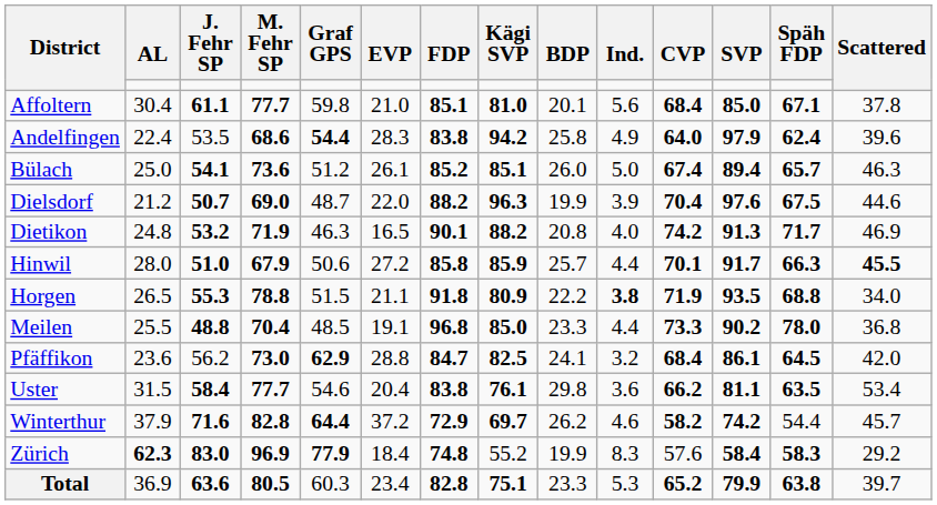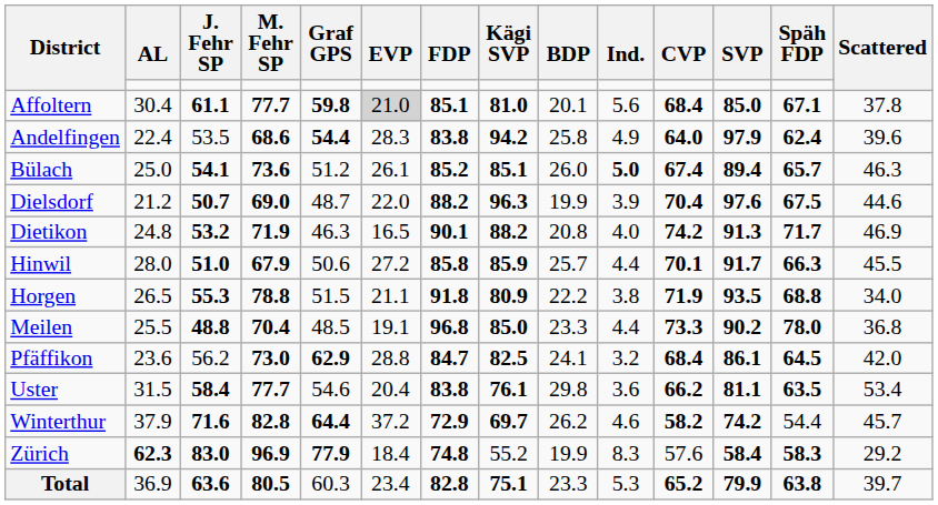 <table class="wikitable" style="text-align:center; font-size:90%; line-height:14px;">
 <tr>
 <th rowspan="2">District</th>
 <th><br>AL</th>
 <th>J. Fehr<br>SP</th>
 <th>M. Fehr<br>SP</th>
 <th>Graf<br>GPS</th>
 <th><br>EVP</th>
 <th><br>FDP</th>
 <th>Kägi<br>SVP</th>
 <th><br>BDP</th>
 <th><br>Ind.</th>
 <th><br>CVP</th>
 <th><br>SVP</th>
 <th>Späh<br>FDP</th>
 <th rowspan="2">Scattered</th>
 </tr>
 <tr>
 <td style="width:40px; background-color:"></td>
 <td style="width:40px; background-color:"></td>
 <td style="width:40px; background-color:"></td>
 <td style="width:40px; background-color:"></td>
 <td style="width:40px; background-color:"></td>
 <td style="width:40px; background-color:"></td>
 <td style="width:40px; background-color:"></td>
 <td style="width:40px; background-color:"></td>
 <td style="width:40px; background-color:"></td>
 <td style="width:40px; background-color:"></td>
 <td style="width:40px; background-color:"></td>
 <td style="width:40px; background-color:"></td>
 </tr>
 <tr>
 <td align="left"><a href='#'>Affoltern</a></td>
 <td>30.4</td>
 <td style="background-color:#"><strong>61.1</strong></td>
 <td style="background-color:#"><strong>77.7</strong></td>
-<td>59.8</td>
-<td>21.0</td>
+<td><strong>59.8</strong></td>
+<td style="background: lightgrey;">21.0</td>
 <td style="background-color:#"><strong>85.1</strong></td>
 <td style="background-color:#"><strong>81.0</strong></td>
 <td>20.1</td>
 <td>5.6</td>
 <td style="background-color:#"><strong>68.4</strong></td>
 <td style="background-color:#"><strong>85.0</strong></td>
 <td style="background-color:#"><strong>67.1</strong></td>
 <td>37.8</td>
 </tr>
 <tr>
 <td align="left"><a href='#'>Andelfingen</a></td>
 <td>22.4</td>
 <td>53.5</td>
 <td style="background-color:#"><strong>68.6</strong></td>
 <td style="background-color:#"><strong>54.4</strong></td>
 <td>28.3</td>
 <td style="background-color:#"><strong>83.8</strong></td>
 <td style="background-color:#"><strong>94.2</strong></td>
 <td>25.8</td>
 <td>4.9</td>
 <td style="background-color:#"><strong>64.0</strong></td>
 <td style="background-color:#"><strong>97.9</strong></td>
 <td style="background-color:#"><strong>62.4</strong></td>
 <td>39.6</td>
 </tr>
 <tr>
 <td align="left"><a href='#'>Bülach</a></td>
 <td>25.0</td>
 <td style="background-color:#"><strong>54.1</strong></td>
 <td style="background-color:#"><strong>73.6</strong></td>
 <td>51.2</td>
 <td>26.1</td>
 <td style="background-color:#"><strong>85.2</strong></td>
 <td style="background-color:#"><strong>85.1</strong></td>
 <td>26.0</td>
-<td>5.0</td>
+<td><strong>5.0</strong></td>
 <td style="background-color:#"><strong>67.4</strong></td>
 <td style="background-color:#"><strong>89.4</strong></td>
 <td style="background-color:#"><strong>65.7</strong></td>
 <td>46.3</td>
 </tr>
 <tr>
 <td align="left"><a href='#'>Dielsdorf</a></td>
 <td>21.2</td>
 <td style="background-color:#"><strong>50.7</strong></td>
 <td style="background-color:#"><strong>69.0</strong></td>
 <td>48.7</td>
 <td>22.0</td>
 <td style="background-color:#"><strong>88.2</strong></td>
 <td style="background-color:#"><strong>96.3</strong></td>
 <td>19.9</td>
 <td>3.9</td>
 <td style="background-color:#"><strong>70.4</strong></td>
 <td style="background-color:#"><strong>97.6</strong></td>
 <td style="background-color:#"><strong>67.5</strong></td>
 <td>44.6</td>
 </tr>
 <tr>
 <td align="left"><a href='#'>Dietikon</a></td>
 <td>24.8</td>
 <td style="background-color:#"><strong>53.2</strong></td>
 <td style="background-color:#"><strong>71.9</strong></td>
 <td>46.3</td>
 <td>16.5</td>
 <td style="background-color:#"><strong>90.1</strong></td>
 <td style="background-color:#"><strong>88.2</strong></td>
 <td>20.8</td>
 <td>4.0</td>
 <td style="background-color:#"><strong>74.2</strong></td>
 <td style="background-color:#"><strong>91.3</strong></td>
 <td style="background-color:#"><strong>71.7</strong></td>
 <td>46.9</td>
 </tr>
 <tr>
 <td align="left"><a href='#'>Hinwil</a></td>
 <td>28.0</td>
 <td style="background-color:#"><strong>51.0</strong></td>
 <td style="background-color:#"><strong>67.9</strong></td>
 <td>50.6</td>
 <td>27.2</td>
 <td style="background-color:#"><strong>85.8</strong></td>
 <td style="background-color:#"><strong>85.9</strong></td>
 <td>25.7</td>
 <td>4.4</td>
 <td style="background-color:#"><strong>70.1</strong></td>
 <td style="background-color:#"><strong>91.7</strong></td>
 <td style="background-color:#"><strong>66.3</strong></td>
-<td><strong>45.5</strong></td>
+<td>45.5</td>
 </tr>
 <tr>
 <td align="left"><a href='#'>Horgen</a></td>
 <td>26.5</td>
 <td style="background-color:#"><strong>55.3</strong></td>
 <td style="background-color:#"><strong>78.8</strong></td>
 <td>51.5</td>
 <td>21.1</td>
 <td style="background-color:#"><strong>91.8</strong></td>
 <td style="background-color:#"><strong>80.9</strong></td>
 <td>22.2</td>
-<td><strong>3.8</strong></td>
+<td>3.8</td>
 <td style="background-color:#"><strong>71.9</strong></td>
 <td style="background-color:#"><strong>93.5</strong></td>
 <td style="background-color:#"><strong>68.8</strong></td>
 <td>34.0</td>
 </tr>
 <tr>
 <td align="left"><a href='#'>Meilen</a></td>
 <td>25.5</td>
 <td style="background-color:#"><strong>48.8</strong></td>
 <td style="background-color:#"><strong>70.4</strong></td>
 <td>48.5</td>
 <td>19.1</td>
 <td style="background-color:#"><strong>96.8</strong></td>
 <td style="background-color:#"><strong>85.0</strong></td>
 <td>23.3</td>
 <td>4.4</td>
 <td style="background-color:#"><strong>73.3</strong></td>
 <td style="background-color:#"><strong>90.2</strong></td>
 <td style="background-color:#"><strong>78.0</strong></td>
 <td>36.8</td>
 </tr>
 <tr>
 <td align="left"><a href='#'>Pfäffikon</a></td>
 <td>23.6</td>
 <td>56.2</td>
 <td style="background-color:#"><strong>73.0</strong></td>
 <td style="background-color:#"><strong>62.9</strong></td>
 <td>28.8</td>
 <td style="background-color:#"><strong>84.7</strong></td>
 <td style="background-color:#"><strong>82.5</strong></td>
 <td>24.1</td>
 <td>3.2</td>
 <td style="background-color:#"><strong>68.4</strong></td>
 <td style="background-color:#"><strong>86.1</strong></td>
 <td style="background-color:#"><strong>64.5</strong></td>
 <td>42.0</td>
 </tr>
 <tr>
 <td align="left"><a href='#'>Uster</a></td>
 <td>31.5</td>
 <td style="background-color:#"><strong>58.4</strong></td>
 <td style="background-color:#"><strong>77.7</strong></td>
 <td>54.6</td>
 <td>20.4</td>
 <td style="background-color:#"><strong>83.8</strong></td>
 <td style="background-color:#"><strong>76.1</strong></td>
 <td>29.8</td>
 <td>3.6</td>
 <td style="background-color:#"><strong>66.2</strong></td>
 <td style="background-color:#"><strong>81.1</strong></td>
 <td style="background-color:#"><strong>63.5</strong></td>
 <td>53.4</td>
 </tr>
 <tr>
 <td align="left"><a href='#'>Winterthur</a></td>
 <td>37.9</td>
 <td style="background-color:#"><strong>71.6</strong></td>
 <td style="background-color:#"><strong>82.8</strong></td>
 <td style="background-color:#"><strong>64.4</strong></td>
 <td>37.2</td>
 <td style="background-color:#"><strong>72.9</strong></td>
 <td style="background-color:#"><strong>69.7</strong></td>
 <td>26.2</td>
 <td>4.6</td>
 <td style="background-color:#"><strong>58.2</strong></td>
 <td style="background-color:#"><strong>74.2</strong></td>
 <td>54.4</td>
 <td>45.7</td>
 </tr>
 <tr>
 <td align="left"><a href='#'>Zürich</a></td>
 <td style="background-color:#"><strong>62.3</strong></td>
 <td style="background-color:#"><strong>83.0</strong></td>
 <td style="background-color:#"><strong>96.9</strong></td>
 <td style="background-color:#"><strong>77.9</strong></td>
 <td>18.4</td>
 <td style="background-color:#"><strong>74.8</strong></td>
 <td>55.2</td>
 <td>19.9</td>
 <td>8.3</td>
 <td>57.6</td>
 <td style="background-color:#"><strong>58.4</strong></td>
 <td style="background-color:#"><strong>58.3</strong></td>
 <td>29.2</td>
 </tr>
 <tr>
 <th>Total</th>
 <td>36.9</td>
 <td style="background-color:#"><strong>63.6</strong></td>
 <td style="background-color:#"><strong>80.5</strong></td>
 <td>60.3</td>
 <td>23.4</td>
 <td style="background-color:#"><strong>82.8</strong></td>
 <td style="background-color:#"><strong>75.1</strong></td>
 <td>23.3</td>
 <td>5.3</td>
 <td style="background-color:#"><strong>65.2</strong></td>
 <td style="background-color:#"><strong>79.9</strong></td>
 <td style="background-color:#"><strong>63.8</strong></td>
 <td>39.7</td>
 </tr>
 </table>
